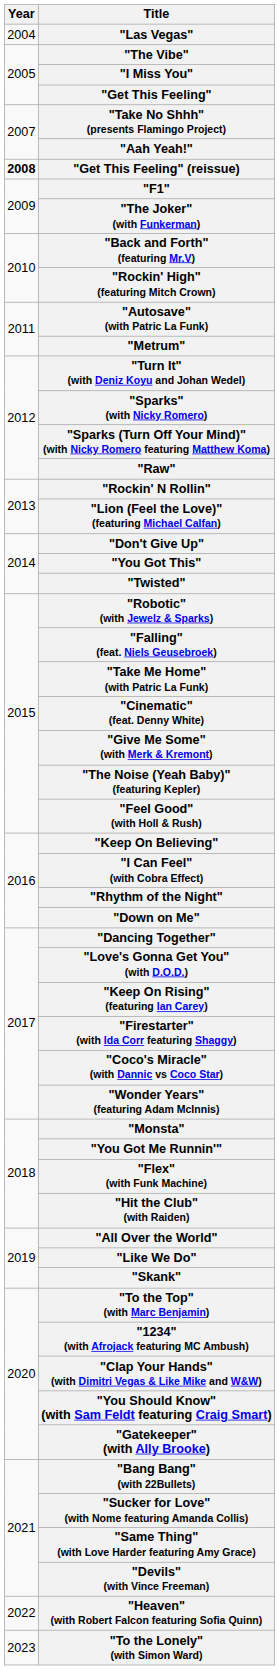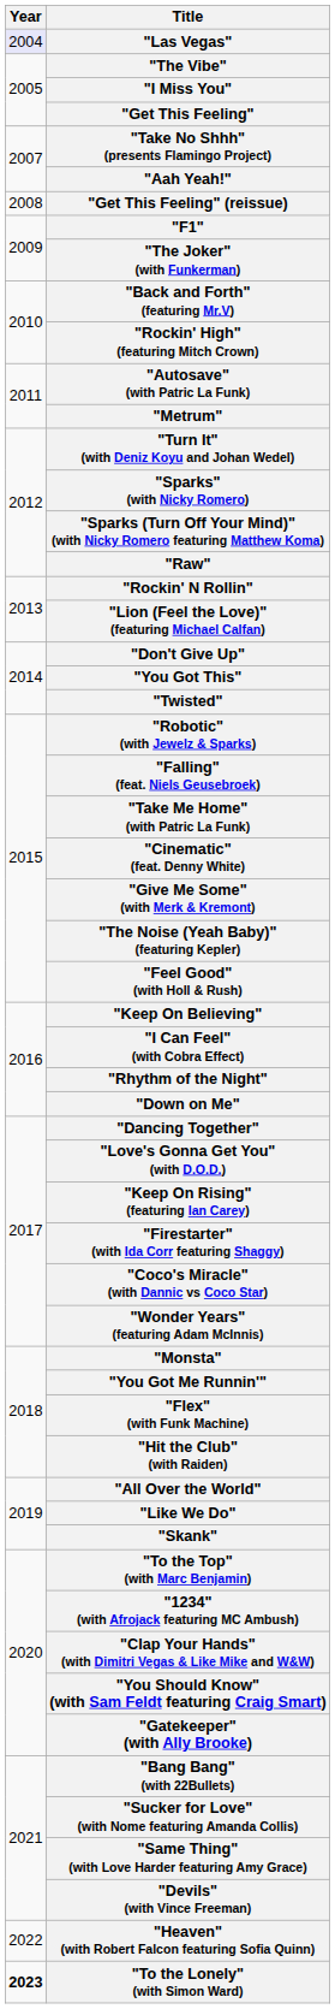 <table class="wikitable plainrowheaders" style="text-align:center;" border="1">
 <tr>
 <th style="width:2em;">Year</th>
 <th>Title</th>
 </tr>
 <tr>
-<td>2004</td>
+<td style="background: lavender;">2004</td>
 <th scope="row">"Las Vegas"</th>
 </tr>
 <tr>
 <td rowspan="3">2005</td>
 <th scope="row">"The Vibe"</th>
 </tr>
 <tr>
 <th scope="row">"I Miss You"</th>
 </tr>
 <tr>
 <th scope="row">"Get This Feeling"</th>
 </tr>
 <tr>
 <td rowspan="2">2007</td>
 <th scope="row">"Take No Shhh"<br><small>(presents Flamingo Project)</small></th>
 </tr>
 <tr>
 <th scope="row">"Aah Yeah!"</th>
 </tr>
 <tr>
-<td rowspan="1"><strong>2008</strong></td>
+<td rowspan="1">2008</td>
 <th scope="row">"Get This Feeling" (reissue)</th>
 </tr>
 <tr>
 <td rowspan="2">2009</td>
 <th scope="row">"F1"</th>
 </tr>
 <tr>
 <th scope="row">"The Joker" <br><small>(with <a href='#'>Funkerman</a>)</small></th>
 </tr>
 <tr>
 <td rowspan="2">2010</td>
 <th scope="row">"Back and Forth"<br><small>(featuring <a href='#'>Mr.V</a>)</small></th>
 </tr>
 <tr>
 <th scope="row">"Rockin' High" <br><small>(featuring Mitch Crown)</small></th>
 </tr>
 <tr>
 <td rowspan="2">2011</td>
 <th scope="row">"Autosave" <br><small>(with Patric La Funk)</small></th>
 </tr>
 <tr>
 <th scope="row">"Metrum"</th>
 </tr>
 <tr>
 <td rowspan="4">2012</td>
 <th scope="row">"Turn It" <br><small>(with <a href='#'>Deniz Koyu</a> and Johan Wedel)</small></th>
 </tr>
 <tr>
 <th scope="row">"Sparks" <br><small>(with <a href='#'>Nicky Romero</a>)</small></th>
 </tr>
 <tr>
 <th scope="row">"Sparks (Turn Off Your Mind)" <br><small>(with <a href='#'>Nicky Romero</a> featuring <a href='#'>Matthew Koma</a>)</small></th>
 </tr>
 <tr>
 <th scope="row">"Raw"</th>
 </tr>
 <tr>
 <td rowspan="2">2013</td>
 <th scope="row">"Rockin' N Rollin"</th>
 </tr>
 <tr>
 <th scope="row">"Lion (Feel the Love)" <br><small>(featuring <a href='#'>Michael Calfan</a>)</small></th>
 </tr>
 <tr>
 <td rowspan="3">2014</td>
 <th scope="row">"Don't Give Up"</th>
 </tr>
 <tr>
 <th scope="row">"You Got This"</th>
 </tr>
 <tr>
 <th scope="row">"Twisted"</th>
 </tr>
 <tr>
 <td rowspan="7">2015</td>
 <th scope="row">"Robotic"<br><small>(with <a href='#'>Jewelz & Sparks</a>)</small></th>
 </tr>
 <tr>
 <th scope="row">"Falling" <br><small>(feat. <a href='#'>Niels Geusebroek</a>)</small></th>
 </tr>
 <tr>
 <th scope="row">"Take Me Home"<br><small>(with Patric La Funk)</small></th>
 </tr>
 <tr>
 <th scope="row">"Cinematic" <br><small>(feat. Denny White)</small></th>
 </tr>
 <tr>
 <th scope="row">"Give Me Some" <br><small>(with <a href='#'>Merk & Kremont</a>)</small></th>
 </tr>
 <tr>
 <th scope="row">"The Noise (Yeah Baby)" <br><small>(featuring Kepler)</small></th>
 </tr>
 <tr>
 <th scope="row">"Feel Good" <br><small>(with Holl & Rush)</small></th>
 </tr>
 <tr>
 <td rowspan="4">2016</td>
 <th scope="row">"Keep On Believing"</th>
 </tr>
 <tr>
 <th scope="row">"I Can Feel" <br><small>(with Cobra Effect)</small></th>
 </tr>
 <tr>
 <th scope="row">"Rhythm of the Night"</th>
 </tr>
 <tr>
 <th scope="row">"Down on Me"</th>
 </tr>
 <tr>
 <td rowspan="6">2017</td>
 <th scope="row">"Dancing Together"</th>
 </tr>
 <tr>
 <th scope="row">"Love's Gonna Get You" <br><small>(with <a href='#'>D.O.D.</a>)</small></th>
 </tr>
 <tr>
 <th scope="row">"Keep On Rising" <br><small>(featuring <a href='#'>Ian Carey</a>)</small></th>
 </tr>
 <tr>
 <th scope="row">"Firestarter" <br><small>(with <a href='#'>Ida Corr</a> featuring <a href='#'>Shaggy</a>)</small></th>
 </tr>
 <tr>
 <th scope="row">"Coco's Miracle" <br><small>(with <a href='#'>Dannic</a> vs <a href='#'>Coco Star</a>)</small></th>
 </tr>
 <tr>
 <th scope="row">"Wonder Years" <br><small>(featuring Adam McInnis)</small></th>
 </tr>
 <tr>
 <td rowspan="4">2018</td>
 <th scope="row">"Monsta"</th>
 </tr>
 <tr>
 <th scope="row">"You Got Me Runnin'"</th>
 </tr>
 <tr>
 <th scope="row">"Flex" <br><small>(with Funk Machine)</small></th>
 </tr>
 <tr>
 <th scope="row">"Hit the Club" <br><small>(with Raiden)</small></th>
 </tr>
 <tr>
 <td rowspan="3">2019</td>
 <th scope="row">"All Over the World"</th>
 </tr>
 <tr>
 <th scope="row">"Like We Do"</th>
 </tr>
 <tr>
 <th scope="row">"Skank"</th>
 </tr>
 <tr>
 <td rowspan="5">2020</td>
 <th scope="row">"To the Top" <br><small>(with <a href='#'>Marc Benjamin</a>)</small></th>
 </tr>
 <tr>
 <th scope="row">"1234" <br><small>(with <a href='#'>Afrojack</a> featuring MC Ambush)</small></th>
 </tr>
 <tr>
 <th scope="row">"Clap Your Hands" <br><small>(with <a href='#'>Dimitri Vegas & Like Mike</a> and <a href='#'>W&W</a>)</small></th>
 </tr>
 <tr>
 <th scope="row">"You Should Know" <br><span>(with <a href='#'>Sam Feldt</a> featuring <a href='#'>Craig Smart</a>)</span></th>
 </tr>
 <tr>
 <th scope="row">"Gatekeeper" <br><span>(with <a href='#'>Ally Brooke</a>)</span></th>
 </tr>
 <tr>
 <td rowspan="4">2021</td>
 <th scope="row">"Bang Bang" <br><small>(with 22Bullets)</small></th>
 </tr>
 <tr>
 <th scope="row">"Sucker for Love" <br><small>(with Nome featuring Amanda Collis)</small></th>
 </tr>
 <tr>
 <th scope="row">"Same Thing" <br><small>(with Love Harder featuring Amy Grace)</small></th>
 </tr>
 <tr>
 <th scope="row">"Devils" <br><small>(with Vince Freeman)</small></th>
 </tr>
 <tr>
 <td>2022</td>
 <th scope="row">"Heaven" <br><small>(with Robert Falcon featuring Sofia Quinn)</small></th>
 </tr>
 <tr>
-<td>2023</td>
+<td><strong>2023</strong></td>
 <th scope="row">"To the Lonely" <br><small>(with Simon Ward)</small></th>
 </tr>
 </table>
